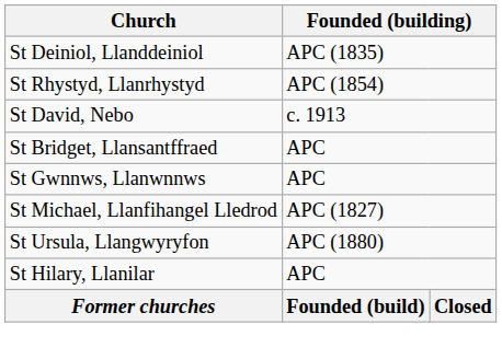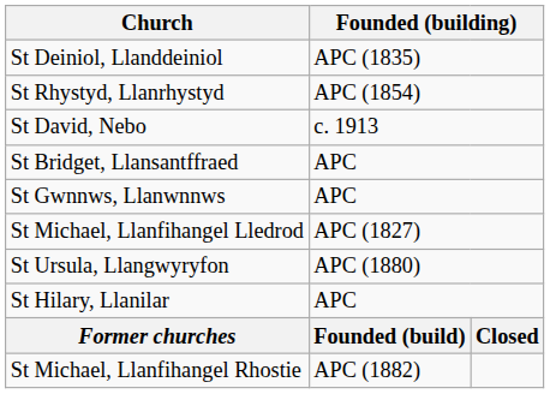 <table class="wikitable">
 <tr>
 <th>Church</th>
 <th colspan="2">Founded (building)</th>
 </tr>
 <tr>
 <td>St Deiniol, Llanddeiniol</td>
 <td colspan="2">APC (1835)</td>
 </tr>
 <tr>
 <td>St Rhystyd, Llanrhystyd</td>
 <td colspan="2">APC (1854)</td>
 </tr>
 <tr>
 <td>St David, Nebo</td>
 <td colspan="2">c. 1913</td>
 </tr>
 <tr>
 <td>St Bridget, Llansantffraed</td>
 <td colspan="2">APC</td>
 </tr>
 <tr>
 <td>St Gwnnws, Llanwnnws</td>
 <td colspan="2">APC</td>
 </tr>
 <tr>
 <td>St Michael, Llanfihangel Lledrod</td>
 <td colspan="2">APC (1827)</td>
 </tr>
 <tr>
 <td>St Ursula, Llangwyryfon</td>
 <td colspan="2">APC (1880)</td>
 </tr>
 <tr>
 <td>St Hilary, Llanilar</td>
 <td colspan="2">APC</td>
 </tr>
 <tr>
 <th><em>Former churches</em></th>
 <th>Founded (build)</th>
 <th>Closed</th>
 </tr>
+<tr>
+<td>St Michael, Llanfihangel Rhostie</td>
+<td>APC (1882)</td>
+<td></td>
+</tr>
 </table>
